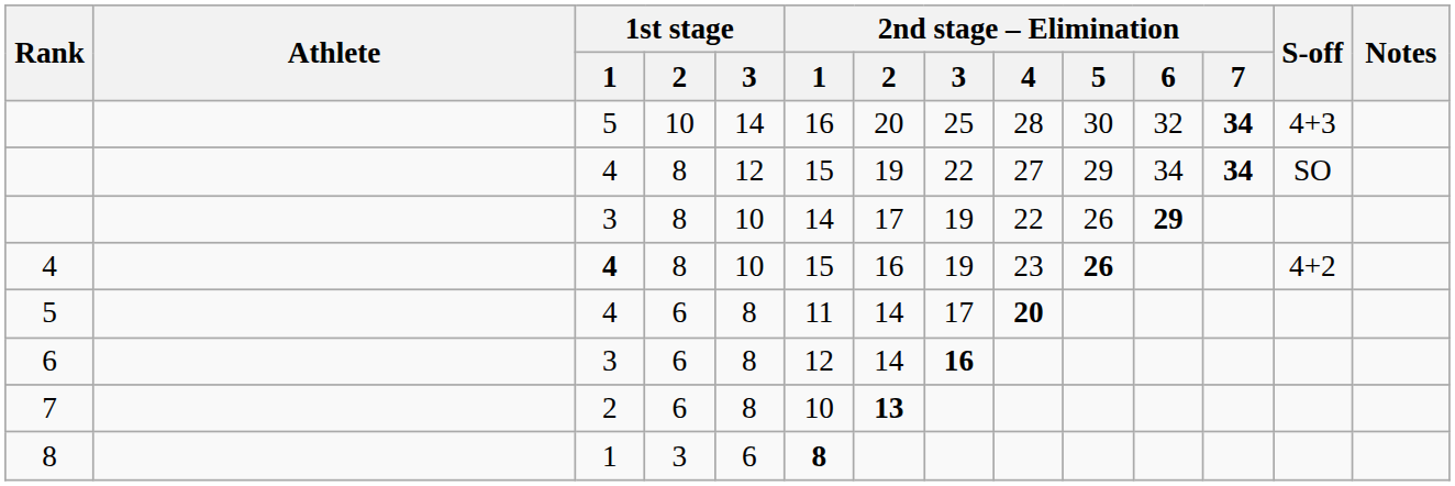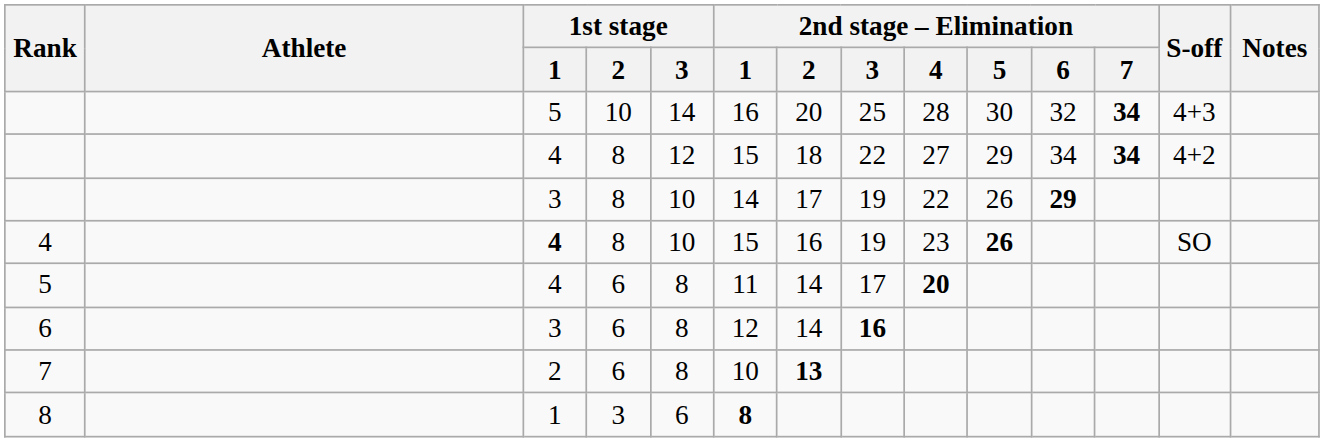 <table class="wikitable" style="text-align:center">
 <tr>
 <th rowspan=2 width=40>Rank</th>
 <th rowspan=2 width=250>Athlete</th>
 <th colspan=3>1st stage</th>
 <th colspan=7>2nd stage – Elimination</th>
 <th rowspan=2 width=35>S-off</th>
 <th rowspan=2 width=45>Notes</th>
 </tr>
 <tr>
 <th width=30>1</th>
 <th width=30>2</th>
 <th width=30>3</th>
 <th width=30>1</th>
 <th width=30>2</th>
 <th width=30>3</th>
 <th width=30>4</th>
 <th width=30>5</th>
 <th width=30>6</th>
 <th width=30>7</th>
 </tr>
 <tr>
 <td></td>
 <td align=left></td>
 <td>5</td>
 <td>10</td>
 <td>14</td>
 <td>16</td>
 <td>20</td>
 <td>25</td>
 <td>28</td>
 <td>30</td>
 <td>32</td>
 <td><strong>34</strong></td>
 <td>4+3</td>
 <td></td>
 </tr>
 <tr>
 <td></td>
 <td align=left></td>
 <td>4</td>
 <td>8</td>
 <td>12</td>
 <td>15</td>
-<td>19</td>
+<td>18</td>
 <td>22</td>
 <td>27</td>
 <td>29</td>
 <td>34</td>
 <td><strong>34</strong></td>
-<td>SO</td>
+<td>4+2</td>
 <td></td>
 </tr>
 <tr>
 <td></td>
 <td align=left></td>
 <td>3</td>
 <td>8</td>
 <td>10</td>
 <td>14</td>
 <td>17</td>
 <td>19</td>
 <td>22</td>
 <td>26</td>
 <td><strong>29</strong></td>
 <td></td>
 <td></td>
 <td></td>
 </tr>
 <tr>
 <td>4</td>
 <td align=left></td>
 <td><strong>4</strong></td>
 <td>8</td>
 <td>10</td>
 <td>15</td>
 <td>16</td>
 <td>19</td>
 <td>23</td>
 <td><strong>26</strong></td>
 <td></td>
 <td></td>
-<td>4+2</td>
+<td>SO</td>
 <td></td>
 </tr>
 <tr>
 <td>5</td>
 <td align=left></td>
 <td>4</td>
 <td>6</td>
 <td>8</td>
 <td>11</td>
 <td>14</td>
 <td>17</td>
 <td><strong>20</strong></td>
 <td></td>
 <td></td>
 <td></td>
 <td></td>
 <td></td>
 </tr>
 <tr>
 <td>6</td>
 <td align=left></td>
 <td>3</td>
 <td>6</td>
 <td>8</td>
 <td>12</td>
 <td>14</td>
 <td><strong>16</strong></td>
 <td></td>
 <td></td>
 <td></td>
 <td></td>
 <td></td>
 <td></td>
 </tr>
 <tr>
 <td>7</td>
 <td align=left></td>
 <td>2</td>
 <td>6</td>
 <td>8</td>
 <td>10</td>
 <td><strong>13</strong></td>
 <td></td>
 <td></td>
 <td></td>
 <td></td>
 <td></td>
 <td></td>
 <td></td>
 </tr>
 <tr>
 <td>8</td>
 <td align=left></td>
 <td>1</td>
 <td>3</td>
 <td>6</td>
 <td><strong>8</strong></td>
 <td></td>
 <td></td>
 <td></td>
 <td></td>
 <td></td>
 <td></td>
 <td></td>
 <td></td>
 </tr>
 </table>
